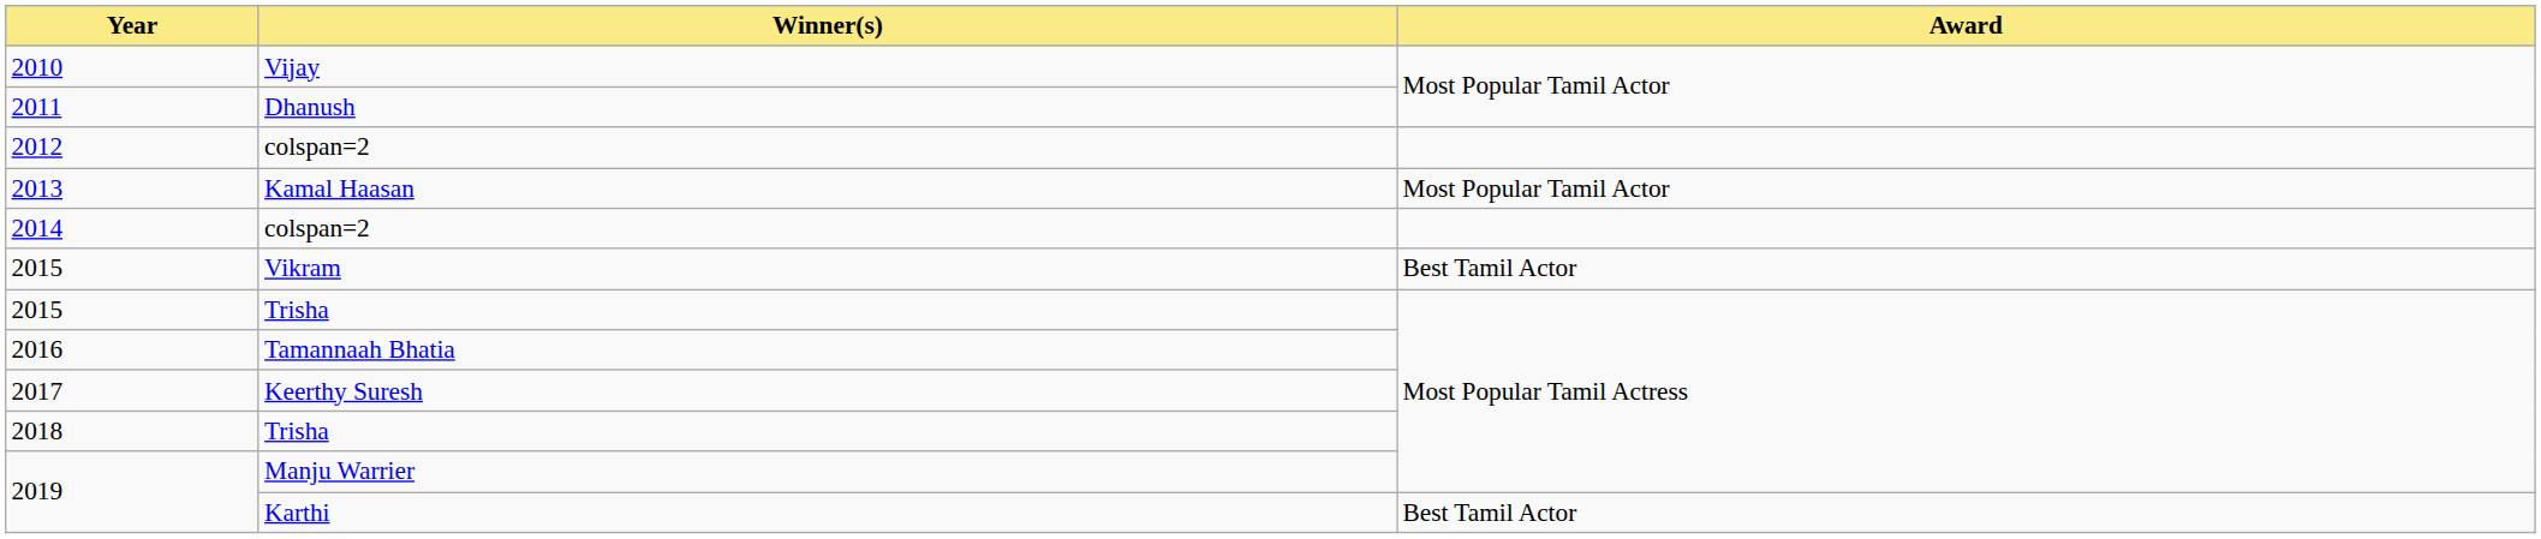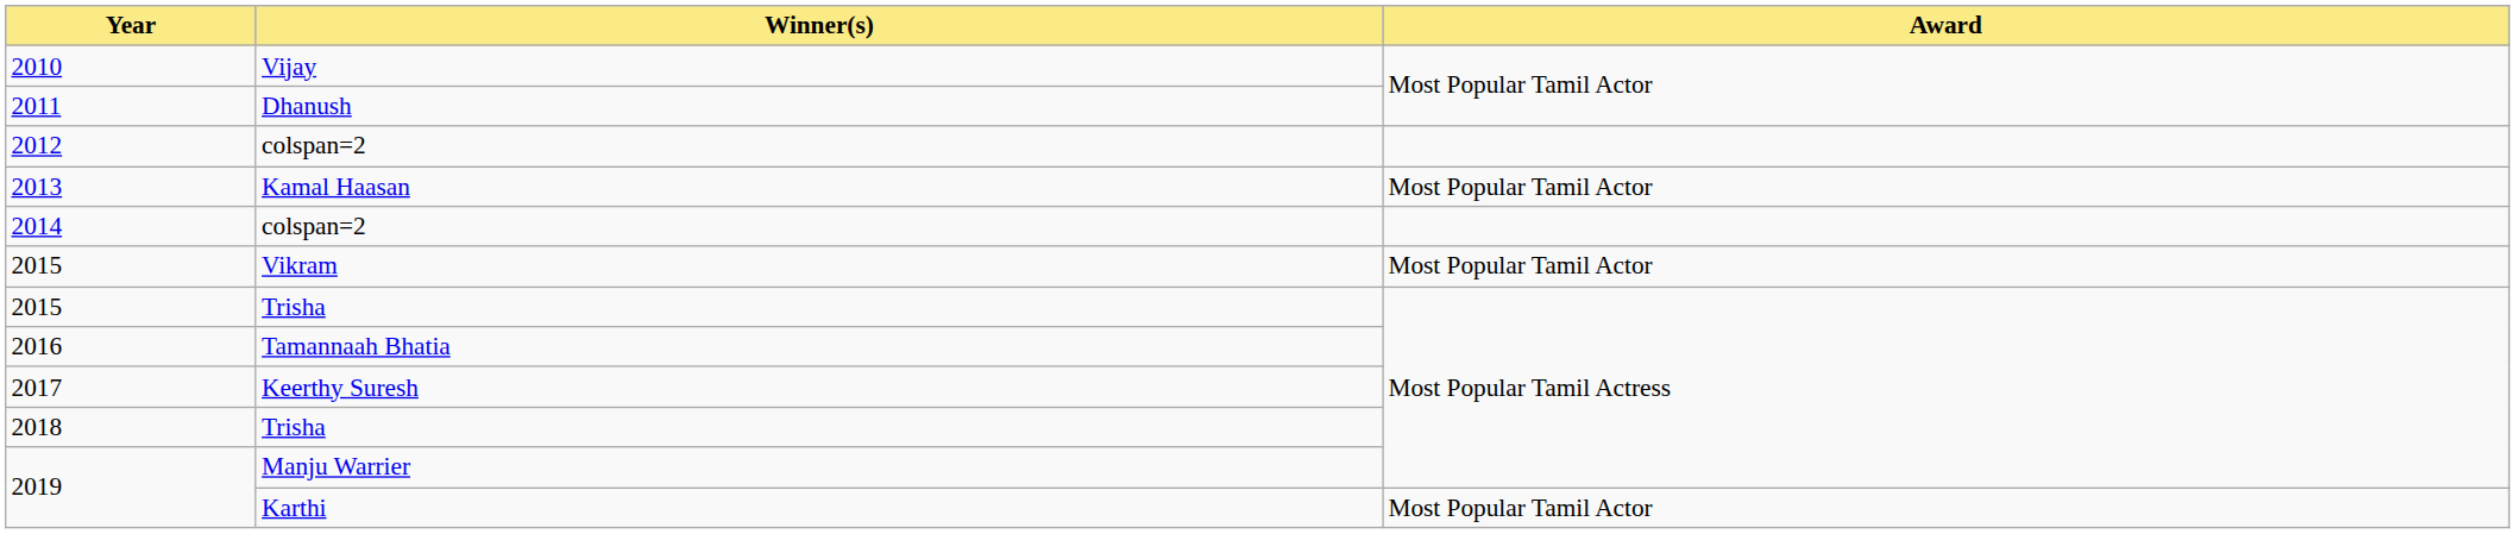 <table class="wikitable" style="width:100%">
 <tr bgcolor="#bebebe">
 <th width="10%" style="background:#FAEB86">Year</th>
 <th width="45%" style="background:#FAEB86">Winner(s)</th>
 <th width="45%" style="background:#FAEB86">Award</th>
 </tr>
 <tr>
 <td><a href='#'>2010</a></td>
 <td><a href='#'>Vijay</a></td>
 <td rowspan="2">Most Popular Tamil Actor</td>
 </tr>
 <tr>
 <td><a href='#'>2011</a></td>
 <td><a href='#'>Dhanush</a></td>
 </tr>
 <tr>
 <td><a href='#'>2012</a></td>
 <td>colspan=2 </td>
 </tr>
 <tr>
 <td><a href='#'>2013</a></td>
 <td><a href='#'>Kamal Haasan</a></td>
 <td>Most Popular Tamil Actor</td>
 </tr>
 <tr>
 <td><a href='#'>2014</a></td>
 <td>colspan=2 </td>
 </tr>
 <tr>
 <td>2015</td>
 <td><a href='#'>Vikram</a></td>
-<td>Best Tamil Actor</td>
+<td>Most Popular Tamil Actor</td>
 </tr>
 <tr>
 <td>2015</td>
 <td><a href='#'>Trisha</a></td>
 <td rowspan="5">Most Popular Tamil Actress</td>
 </tr>
 <tr>
 <td>2016</td>
 <td><a href='#'>Tamannaah Bhatia</a></td>
 </tr>
 <tr>
 <td>2017</td>
 <td><a href='#'>Keerthy Suresh</a></td>
 </tr>
 <tr>
 <td>2018</td>
 <td><a href='#'>Trisha</a></td>
 </tr>
 <tr>
 <td rowspan=2>2019</td>
 <td><a href='#'>Manju Warrier</a></td>
 </tr>
 <tr>
 <td><a href='#'>Karthi</a></td>
-<td>Best Tamil Actor</td>
+<td>Most Popular Tamil Actor</td>
 </tr>
 </table>
